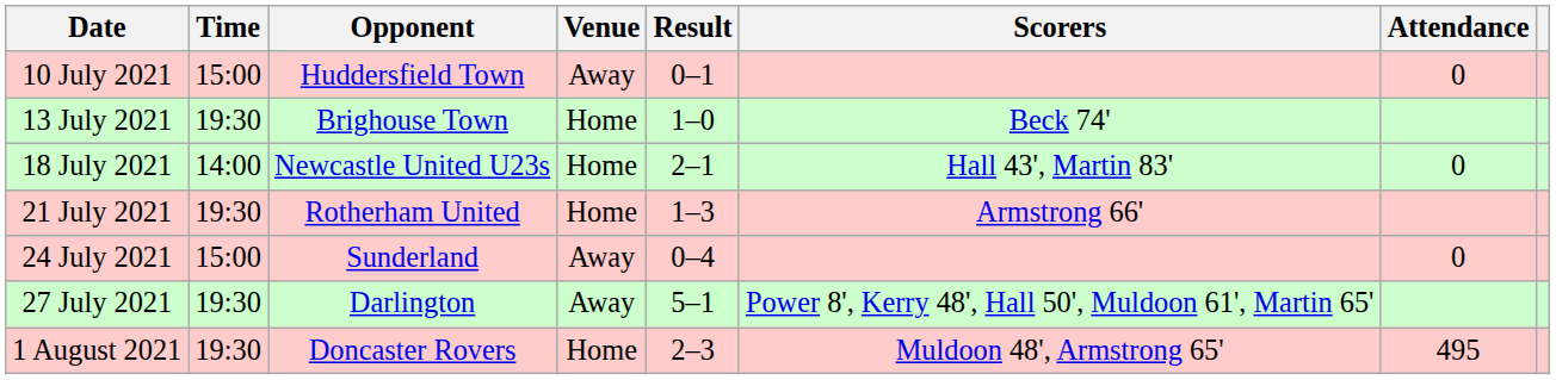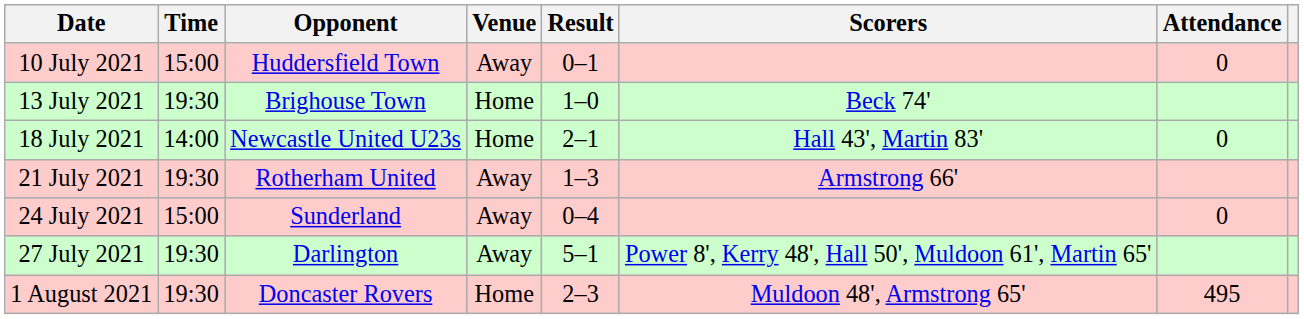 <table class="wikitable sortable" style="text-align:center">
 <tr>
 <th>Date</th>
 <th>Time</th>
 <th>Opponent</th>
 <th>Venue</th>
 <th>Result</th>
 <th class="unsortable">Scorers</th>
 <th>Attendance</th>
 <th class="unsortable"></th>
 </tr>
 <tr bgcolor="#ffcccc">
 <td>10 July 2021</td>
 <td>15:00</td>
 <td><a href='#'>Huddersfield Town</a></td>
 <td>Away</td>
 <td>0–1</td>
 <td></td>
 <td>0</td>
 <td></td>
 </tr>
 <tr bgcolor="#ccffcc">
 <td>13 July 2021</td>
 <td>19:30</td>
 <td><a href='#'>Brighouse Town</a></td>
 <td>Home</td>
 <td>1–0</td>
 <td><a href='#'>Beck</a> 74'</td>
 <td></td>
 <td></td>
 </tr>
 <tr bgcolor="#ccffcc">
 <td>18 July 2021</td>
 <td>14:00</td>
 <td><a href='#'>Newcastle United U23s</a></td>
 <td>Home</td>
 <td>2–1</td>
 <td><a href='#'>Hall</a> 43', <a href='#'>Martin</a> 83'</td>
 <td>0</td>
 <td></td>
 </tr>
 <tr bgcolor="#ffcccc">
 <td>21 July 2021</td>
 <td>19:30</td>
 <td><a href='#'>Rotherham United</a></td>
-<td>Home</td>
+<td>Away</td>
 <td>1–3</td>
 <td><a href='#'>Armstrong</a> 66'</td>
 <td></td>
 <td></td>
 </tr>
 <tr bgcolor="#ffcccc">
 <td>24 July 2021</td>
 <td>15:00</td>
 <td><a href='#'>Sunderland</a></td>
 <td>Away</td>
 <td>0–4</td>
 <td></td>
 <td>0</td>
 <td></td>
 </tr>
 <tr bgcolor="#ccffcc">
 <td>27 July 2021</td>
 <td>19:30</td>
 <td><a href='#'>Darlington</a></td>
 <td>Away</td>
 <td>5–1</td>
 <td><a href='#'>Power</a> 8', <a href='#'>Kerry</a> 48', <a href='#'>Hall</a> 50', <a href='#'>Muldoon</a> 61', <a href='#'>Martin</a> 65'</td>
 <td></td>
 <td></td>
 </tr>
 <tr bgcolor="#ffcccc">
 <td>1 August 2021</td>
 <td>19:30</td>
 <td><a href='#'>Doncaster Rovers</a></td>
 <td>Home</td>
 <td>2–3</td>
 <td><a href='#'>Muldoon</a> 48', <a href='#'>Armstrong</a> 65'</td>
 <td>495</td>
 <td></td>
 </tr>
 </table>
